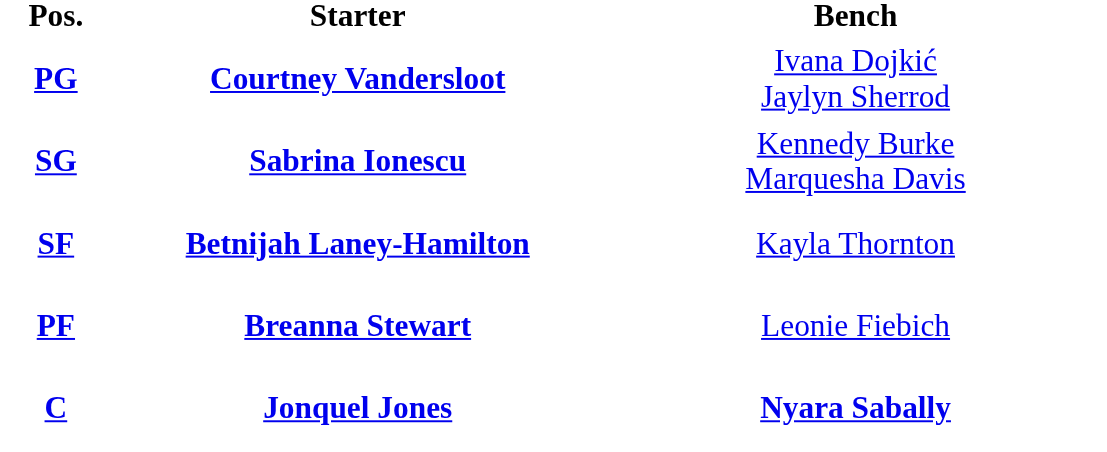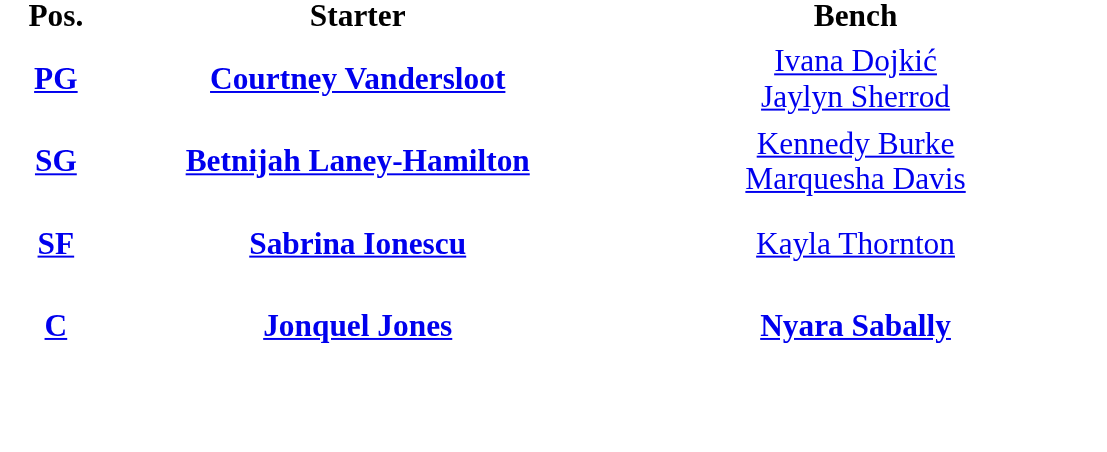 <table style="text-align:center; ">
 <tr>
 <th width="50">Pos.</th>
 <th width="250">Starter</th>
 <th width="250">Bench</th>
 </tr>
 <tr style="height:40px; background:white; color:#092C57">
 <th><a href='#'><span>PG</span></a></th>
 <td><strong><a href='#'>Courtney Vandersloot</a></strong></td>
 <td><a href='#'>Ivana Dojkić</a><br><a href='#'>Jaylyn Sherrod</a></td>
 </tr>
 <tr style="height:40px; background:white; color:#092C57">
 <th><a href='#'><span>SG</span></a></th>
-<td><strong><a href='#'>Sabrina Ionescu</a></strong></td>
+<td><strong><a href='#'>Betnijah Laney-Hamilton</a></strong></td>
 <td><a href='#'>Kennedy Burke</a><br><a href='#'>Marquesha Davis</a></td>
 </tr>
 <tr style="height:40px; background:white; color:#092C57">
 <th><a href='#'><span>SF</span></a></th>
-<td><strong><a href='#'>Betnijah Laney-Hamilton</a></strong></td>
+<td><strong><a href='#'>Sabrina Ionescu</a></strong></td>
 <td><a href='#'>Kayla Thornton</a></td>
-</tr>
-<tr style="height:40px; background:white; color:#092C57">
-<th><a href='#'><span>PF</span></a></th>
-<td><strong><a href='#'>Breanna Stewart</a></strong></td>
-<td><a href='#'>Leonie Fiebich</a></td>
 </tr>
 <tr style="height:40px; background:white; color:#092C57">
 <th><a href='#'><span>C</span></a></th>
 <td><strong><a href='#'>Jonquel Jones</a></strong></td>
 <td><strong><a href='#'>Nyara Sabally</a></strong></td>
 </tr>
 </table>
